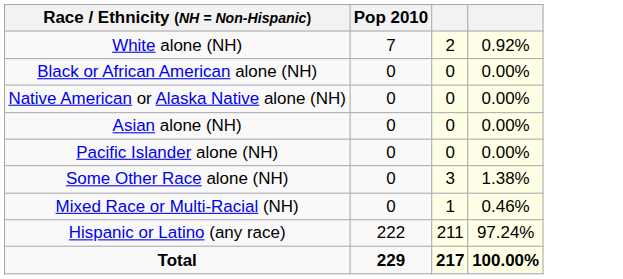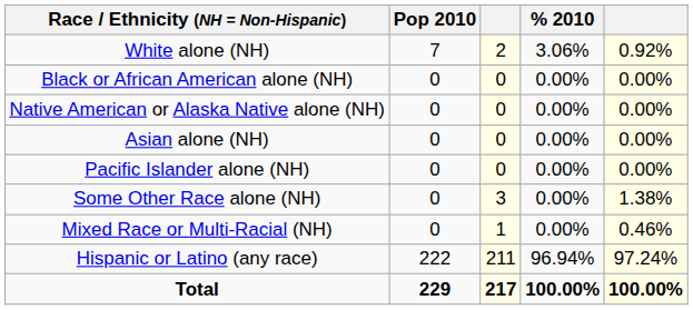 <table class="wikitable" style="text-align:center;">
 <tr>
 <th>Race / Ethnicity <small>(<em>NH = Non-Hispanic</em>)</small></th>
 <th>Pop 2010</th>
 <th></th>
+<th>% 2010</th>
 <th></th>
 </tr>
 <tr>
 <td><a href='#'>White</a> alone (NH)</td>
 <td>7</td>
 <td style='background: #ffffe6;'>2</td>
+<td>3.06%</td>
 <td style='background: #ffffe6;'>0.92%</td>
 </tr>
 <tr>
 <td><a href='#'>Black or African American</a> alone (NH)</td>
 <td>0</td>
 <td style='background: #ffffe6;'>0</td>
+<td>0.00%</td>
 <td style='background: #ffffe6;'>0.00%</td>
 </tr>
 <tr>
 <td><a href='#'>Native American</a> or <a href='#'>Alaska Native</a> alone (NH)</td>
 <td>0</td>
 <td style='background: #ffffe6;'>0</td>
+<td>0.00%</td>
 <td style='background: #ffffe6;'>0.00%</td>
 </tr>
 <tr>
 <td><a href='#'>Asian</a> alone (NH)</td>
 <td>0</td>
 <td style='background: #ffffe6;'>0</td>
+<td>0.00%</td>
 <td style='background: #ffffe6;'>0.00%</td>
 </tr>
 <tr>
 <td><a href='#'>Pacific Islander</a> alone (NH)</td>
 <td>0</td>
 <td style='background: #ffffe6;'>0</td>
+<td>0.00%</td>
 <td style='background: #ffffe6;'>0.00%</td>
 </tr>
 <tr>
 <td><a href='#'>Some Other Race</a> alone (NH)</td>
 <td>0</td>
 <td style='background: #ffffe6;'>3</td>
+<td>0.00%</td>
 <td style='background: #ffffe6;'>1.38%</td>
 </tr>
 <tr>
 <td><a href='#'>Mixed Race or Multi-Racial</a> (NH)</td>
 <td>0</td>
 <td style='background: #ffffe6;'>1</td>
+<td>0.00%</td>
 <td style='background: #ffffe6;'>0.46%</td>
 </tr>
 <tr>
 <td><a href='#'>Hispanic or Latino</a> (any race)</td>
 <td>222</td>
 <td style='background: #ffffe6;'>211</td>
+<td>96.94%</td>
 <td style='background: #ffffe6;'>97.24%</td>
 </tr>
 <tr>
 <td><strong>Total</strong></td>
 <td><strong>229</strong></td>
 <td style='background: #ffffe6;'><strong>217</strong></td>
+<td><strong>100.00%</strong></td>
 <td style='background: #ffffe6;'><strong>100.00%</strong></td>
 </tr>
 </table>
